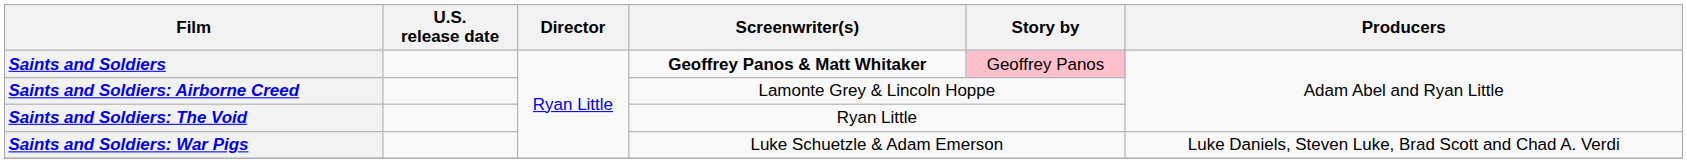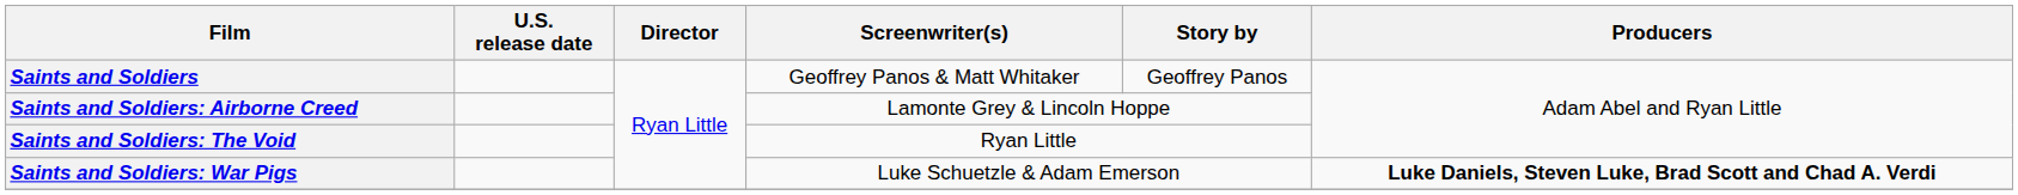 <table class="wikitable plainrowheaders" style="text-align:center" width=100%>
 <tr>
 <th scope="col">Film</th>
 <th scope="col">U.S. <br>release date</th>
 <th scope="col">Director</th>
 <th scope="col">Screenwriter(s)</th>
 <th scope="col">Story by</th>
 <th scope="col">Producers</th>
 </tr>
 <tr>
 <th scope="row" style="text-align:left"><em><a href='#'>Saints and Soldiers</a></em></th>
 <td style="text-align:center"></td>
 <td rowspan="4"><a href='#'>Ryan Little</a></td>
-<td><strong>Geoffrey Panos & Matt Whitaker</strong></td>
-<td style="background: pink;">Geoffrey Panos</td>
+<td>Geoffrey Panos & Matt Whitaker</td>
+<td>Geoffrey Panos</td>
 <td rowspan="3">Adam Abel and Ryan Little</td>
 </tr>
 <tr>
 <th scope="row" style="text-align:left"><em><a href='#'>Saints and Soldiers: Airborne Creed</a></em></th>
 <td></td>
 <td colspan="2">Lamonte Grey & Lincoln Hoppe</td>
 </tr>
 <tr>
 <th scope="row" style="text-align:left"><em><a href='#'>Saints and Soldiers: The Void</a></em></th>
 <td></td>
 <td colspan="2">Ryan Little</td>
 </tr>
 <tr>
 <th scope="row" style="text-align:left"><em><a href='#'>Saints and Soldiers: War Pigs</a></em></th>
 <td></td>
 <td colspan="2">Luke Schuetzle & Adam Emerson</td>
-<td>Luke Daniels, Steven Luke, Brad Scott and Chad A. Verdi</td>
+<td><strong>Luke Daniels, Steven Luke, Brad Scott and Chad A. Verdi</strong></td>
 </tr>
 <tr>
 </tr>
 </table>
